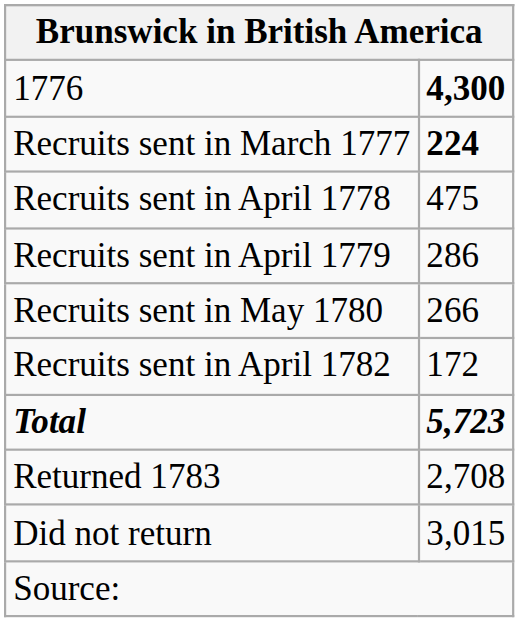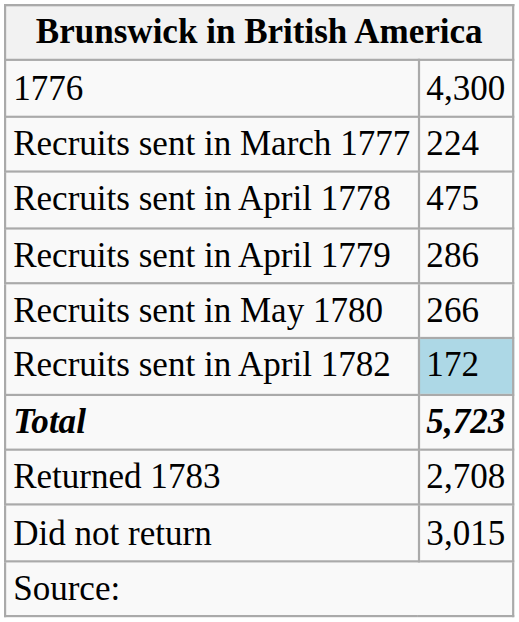 <table class="wikitable">
 <tr bgcolor="F1F1F1">
 </tr>
 <tr>
 <th colspan="2">Brunswick in British America</th>
 </tr>
 <tr>
 <td>1776</td>
-<td><strong>4,300</strong></td>
+<td>4,300</td>
 </tr>
 <tr>
 <td>Recruits sent in March 1777</td>
-<td><strong>224</strong></td>
+<td>224</td>
 </tr>
 <tr>
 <td>Recruits sent in April 1778</td>
 <td>475</td>
 </tr>
 <tr>
 <td>Recruits sent in April 1779</td>
 <td>286</td>
 </tr>
 <tr>
 <td>Recruits sent in May 1780</td>
 <td>266</td>
 </tr>
 <tr>
 <td>Recruits sent in April 1782</td>
-<td>172</td>
+<td style="background: lightblue;">172</td>
 </tr>
 <tr>
 <td><strong><em>Total</em></strong></td>
 <td><strong><em>5,723</em></strong></td>
 </tr>
 <tr>
 <td>Returned 1783</td>
 <td>2,708</td>
 </tr>
 <tr>
 <td>Did not return</td>
 <td>3,015</td>
 </tr>
 <tr>
 <td colspan="2">Source: </td>
 </tr>
 </table>
